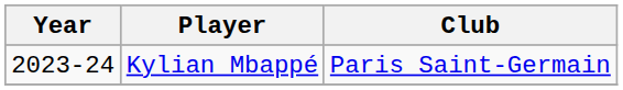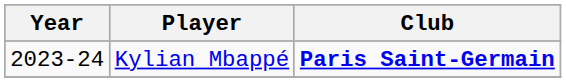 <table class="wikitable">
 <tr>
 <th>Year</th>
 <th>Player</th>
 <th>Club</th>
 </tr>
 <tr>
 <td>2023-24</td>
 <td> <a href='#'>Kylian Mbappé</a></td>
-<td> <a href='#'>Paris Saint-Germain</a></td>
+<td><strong> <a href='#'>Paris Saint-Germain</a></strong></td>
 </tr>
 <tr>
 </tr>
 </table>
